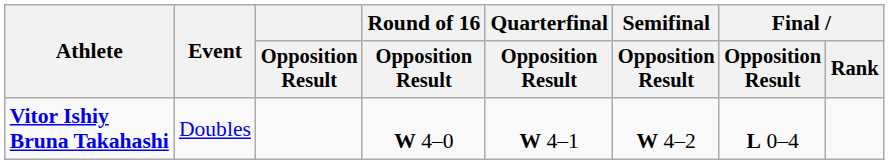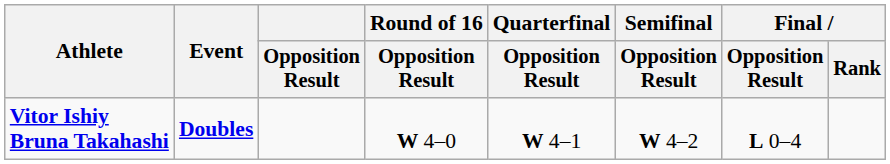 <table class=wikitable style=font-size:90%;text-align:center>
 <tr>
 <th rowspan=2>Athlete</th>
 <th rowspan=2>Event</th>
 <th></th>
 <th>Round of 16</th>
 <th>Quarterfinal</th>
 <th>Semifinal</th>
 <th colspan=2>Final / </th>
 </tr>
 <tr style=font-size:95%>
 <th>Opposition<br>Result</th>
 <th>Opposition<br>Result</th>
 <th>Opposition<br>Result</th>
 <th>Opposition<br>Result</th>
 <th>Opposition<br>Result</th>
 <th>Rank</th>
 </tr>
 <tr>
 <td align=left><strong><a href='#'>Vitor Ishiy</a><br><a href='#'>Bruna Takahashi</a></strong></td>
-<td align=left><a href='#'>Doubles</a></td>
+<td align=left><strong><a href='#'>Doubles</a></strong></td>
 <td></td>
 <td><br><strong>W</strong> 4–0</td>
 <td><br><strong>W</strong> 4–1</td>
 <td><br><strong>W</strong> 4–2</td>
 <td><br><strong>L</strong> 0–4</td>
 <td></td>
 </tr>
 </table>
